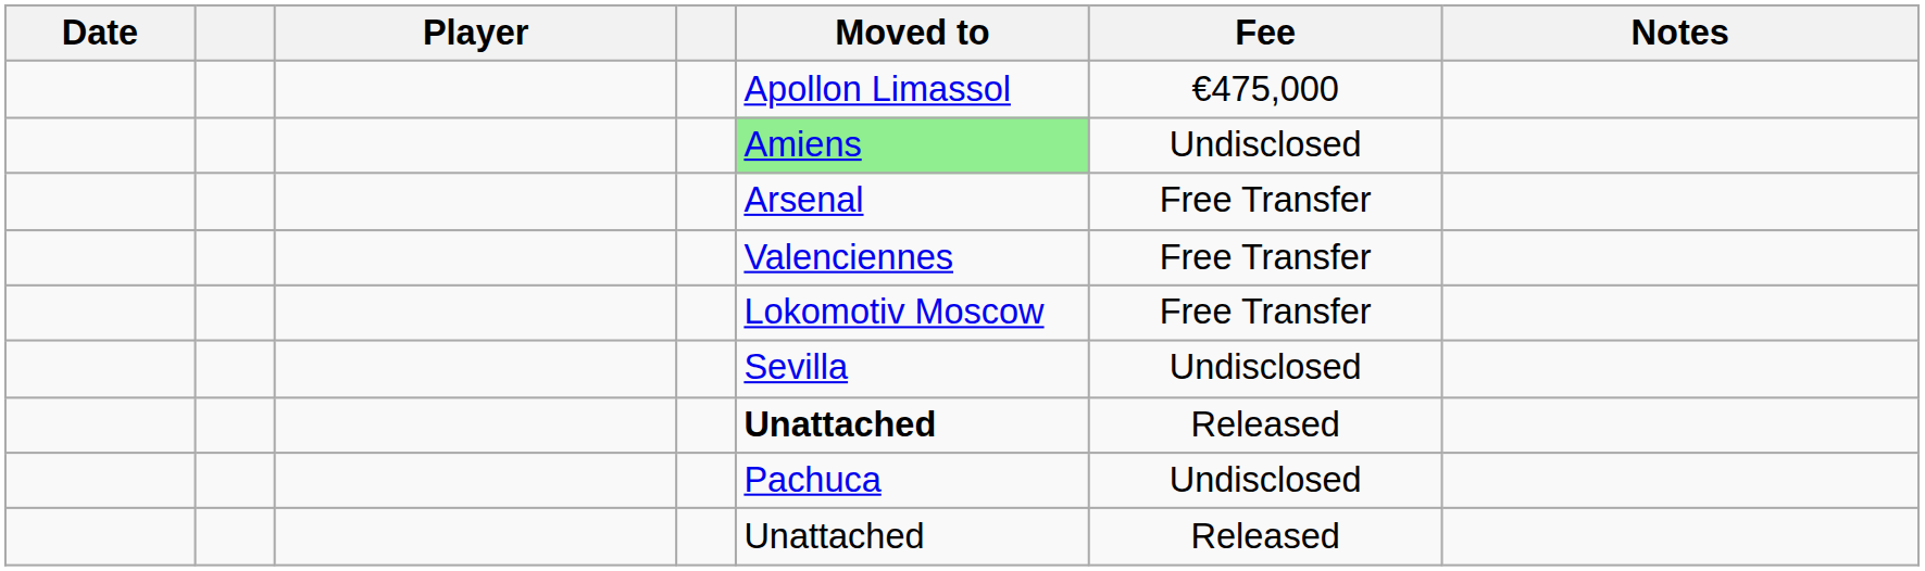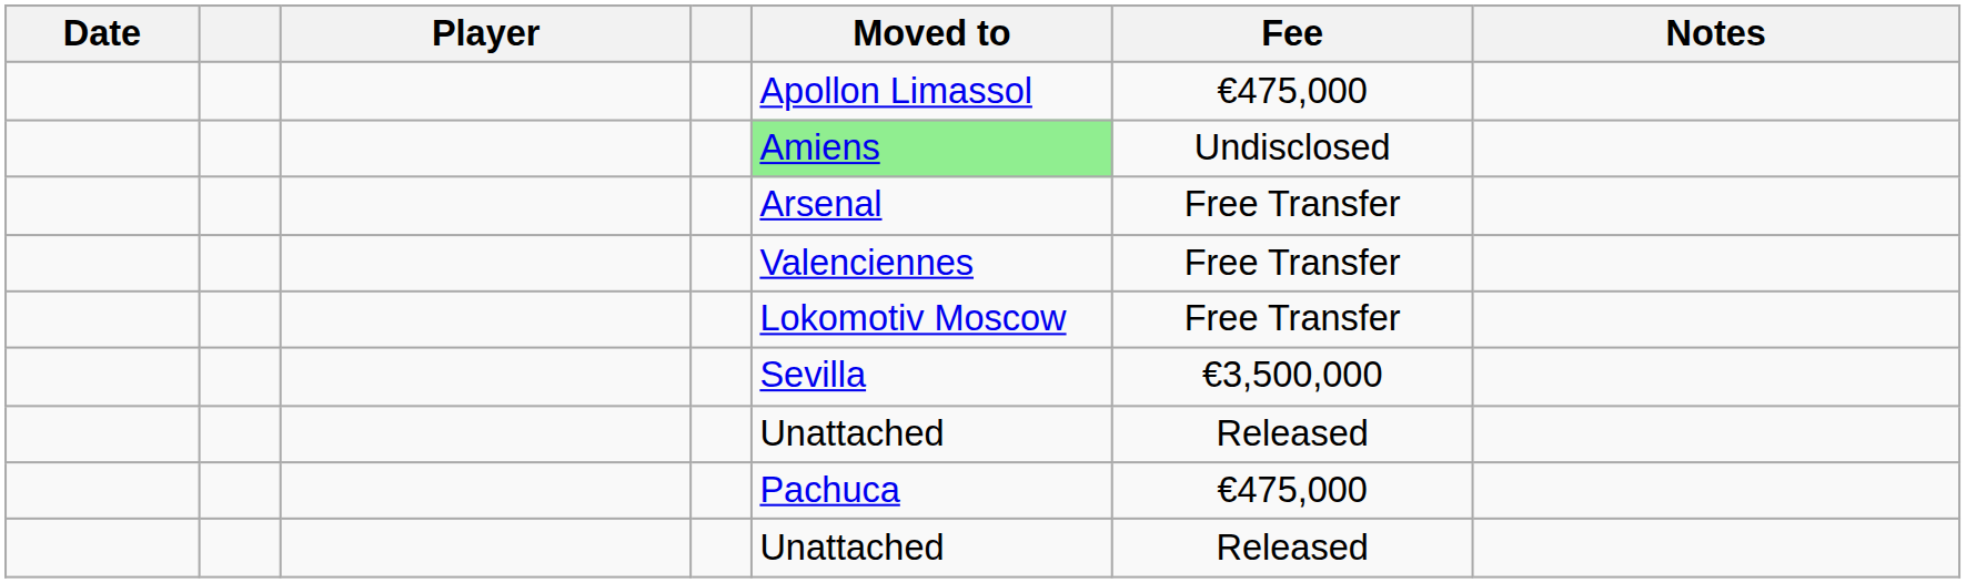 <table class="wikitable sortable">
 <tr>
 <th style="width:80px;">Date</th>
 <th style="width:30px;"></th>
 <th style="width:180px;">Player</th>
 <th style="width:20px;"></th>
 <th style="width:155px;">Moved to</th>
 <th style="width:155px;" class="unsortable">Fee</th>
 <th style="width:215px;" class="unsortable">Notes</th>
 </tr>
 <tr>
 <td></td>
 <td align=center></td>
 <td> </td>
 <td></td>
 <td> <a href='#'>Apollon Limassol</a></td>
 <td align=center>€475,000</td>
 <td align=center></td>
 </tr>
 <tr>
 <td></td>
 <td align=center></td>
 <td> </td>
 <td></td>
 <td style="background: lightgreen;"> <a href='#'>Amiens</a></td>
 <td align=center>Undisclosed</td>
 <td align=center></td>
 </tr>
 <tr>
 <td></td>
 <td align=center></td>
 <td> </td>
 <td></td>
 <td> <a href='#'>Arsenal</a></td>
 <td align=center>Free Transfer</td>
 <td align=center></td>
 </tr>
 <tr>
 <td></td>
 <td align=center></td>
 <td> </td>
 <td></td>
 <td> <a href='#'>Valenciennes</a></td>
 <td align=center>Free Transfer</td>
 <td align=center></td>
 </tr>
 <tr>
 <td></td>
 <td align=center></td>
 <td> </td>
 <td></td>
 <td> <a href='#'>Lokomotiv Moscow</a></td>
 <td align=center>Free Transfer</td>
 <td align=center></td>
 </tr>
 <tr>
 <td></td>
 <td align=center></td>
 <td> </td>
 <td></td>
 <td> <a href='#'>Sevilla</a></td>
-<td align=center>Undisclosed</td>
+<td align=center>€3,500,000</td>
 <td align=center></td>
 </tr>
 <tr>
 <td></td>
 <td align=center></td>
 <td> </td>
 <td></td>
-<td><strong>Unattached</strong></td>
+<td>Unattached</td>
 <td align=center>Released</td>
 <td align=center></td>
 </tr>
 <tr>
 <td></td>
 <td align=center></td>
 <td> </td>
 <td></td>
 <td> <a href='#'>Pachuca</a></td>
-<td align=center>Undisclosed</td>
+<td align=center>€475,000</td>
 <td align=center></td>
 </tr>
 <tr>
 <td></td>
 <td align=center></td>
 <td> </td>
 <td></td>
 <td>Unattached</td>
 <td align=center>Released</td>
 <td align=center></td>
 </tr>
 </table>
